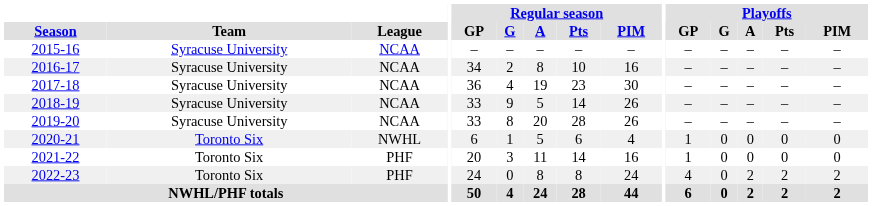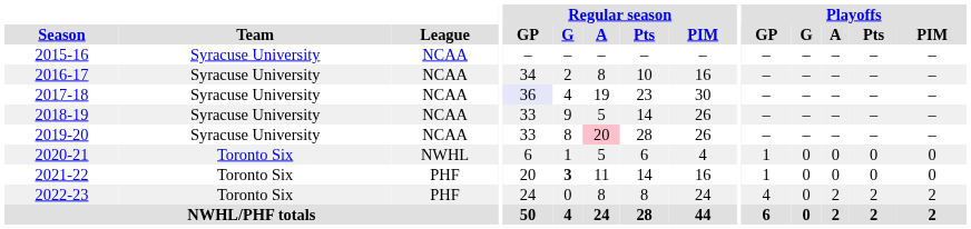 <table border="0" cellpadding="1" cellspacing="0" style="text-align:center; width:60em">
 <tr bgcolor="#e0e0e0">
 <th colspan="3" bgcolor="#ffffff"></th>
 <th rowspan="101" bgcolor="#ffffff"></th>
 <th colspan="5"><a href='#'>Regular season</a></th>
 <th rowspan="101" bgcolor="#ffffff"></th>
 <th colspan="5"><a href='#'>Playoffs</a></th>
 </tr>
 <tr bgcolor="#e0e0e0">
 <th><a href='#'>Season</a></th>
 <th>Team</th>
 <th>League</th>
 <th>GP</th>
 <th><a href='#'>G</a></th>
 <th><a href='#'>A</a></th>
 <th><a href='#'>Pts</a></th>
 <th><a href='#'>PIM</a></th>
 <th>GP</th>
 <th>G</th>
 <th>A</th>
 <th>Pts</th>
 <th>PIM</th>
 </tr>
 <tr>
 <td><a href='#'>2015-16</a></td>
 <td><a href='#'>Syracuse University</a></td>
 <td><a href='#'>NCAA</a></td>
 <td>–</td>
 <td>–</td>
 <td>–</td>
 <td>–</td>
 <td>–</td>
 <td>–</td>
 <td>–</td>
 <td>–</td>
 <td>–</td>
 <td>–</td>
 </tr>
 <tr bgcolor="#f0f0f0">
 <td><a href='#'>2016-17</a></td>
 <td>Syracuse University</td>
 <td>NCAA</td>
 <td>34</td>
 <td>2</td>
 <td>8</td>
 <td>10</td>
 <td>16</td>
 <td>–</td>
 <td>–</td>
 <td>–</td>
 <td>–</td>
 <td>–</td>
 </tr>
 <tr>
 <td><a href='#'>2017-18</a></td>
 <td>Syracuse University</td>
 <td>NCAA</td>
-<td>36</td>
+<td style="background: lavender;">36</td>
 <td>4</td>
 <td>19</td>
 <td>23</td>
 <td>30</td>
 <td>–</td>
 <td>–</td>
 <td>–</td>
 <td>–</td>
 <td>–</td>
 </tr>
 <tr bgcolor="#f0f0f0">
 <td><a href='#'>2018-19</a></td>
 <td>Syracuse University</td>
 <td>NCAA</td>
 <td>33</td>
 <td>9</td>
 <td>5</td>
 <td>14</td>
 <td>26</td>
 <td>–</td>
 <td>–</td>
 <td>–</td>
 <td>–</td>
 <td>–</td>
 </tr>
 <tr>
 <td><a href='#'>2019-20</a></td>
 <td>Syracuse University</td>
 <td>NCAA</td>
 <td>33</td>
 <td>8</td>
-<td>20</td>
+<td style="background: pink;">20</td>
 <td>28</td>
 <td>26</td>
 <td>–</td>
 <td>–</td>
 <td>–</td>
 <td>–</td>
 <td>–</td>
 </tr>
 <tr bgcolor="#f0f0f0">
 <td><a href='#'>2020-21</a></td>
 <td><a href='#'>Toronto Six</a></td>
 <td>NWHL</td>
 <td>6</td>
 <td>1</td>
 <td>5</td>
 <td>6</td>
 <td>4</td>
 <td>1</td>
 <td>0</td>
 <td>0</td>
 <td>0</td>
 <td>0</td>
 </tr>
 <tr>
 <td><a href='#'>2021-22</a></td>
 <td>Toronto Six</td>
 <td>PHF</td>
 <td>20</td>
-<td>3</td>
+<td><strong>3</strong></td>
 <td>11</td>
 <td>14</td>
 <td>16</td>
 <td>1</td>
 <td>0</td>
 <td>0</td>
 <td>0</td>
 <td>0</td>
 </tr>
 <tr bgcolor="#f0f0f0">
 <td><a href='#'>2022-23</a></td>
 <td>Toronto Six</td>
 <td>PHF</td>
 <td>24</td>
 <td>0</td>
 <td>8</td>
 <td>8</td>
 <td>24</td>
 <td>4</td>
 <td>0</td>
 <td>2</td>
 <td>2</td>
 <td>2</td>
 </tr>
 <tr bgcolor="#e0e0e0">
 <th colspan="3">NWHL/PHF totals</th>
 <th>50</th>
 <th>4</th>
 <th>24</th>
 <th>28</th>
 <th>44</th>
 <th>6</th>
 <th>0</th>
 <th>2</th>
 <th>2</th>
 <th>2</th>
 </tr>
 </table>
